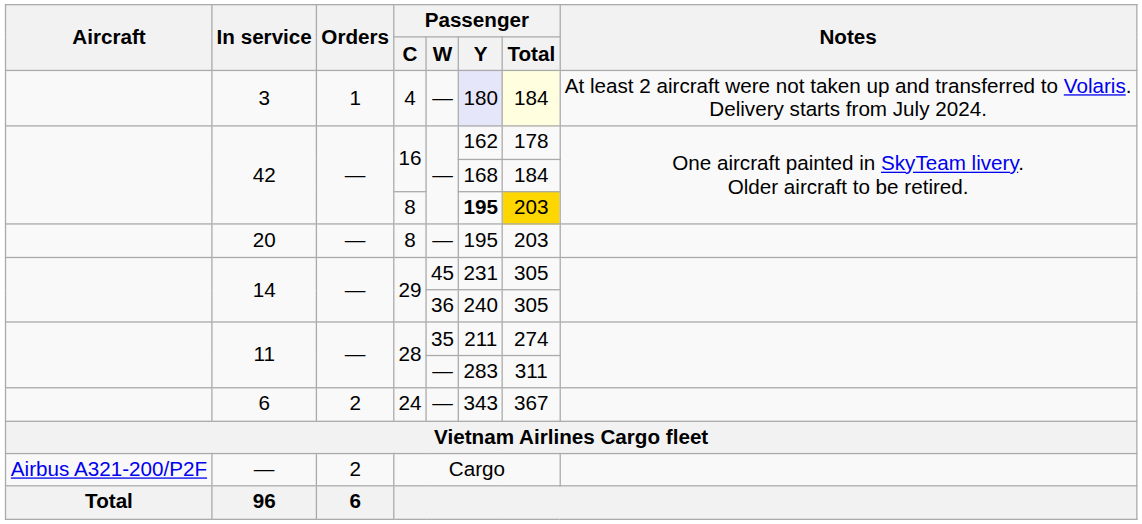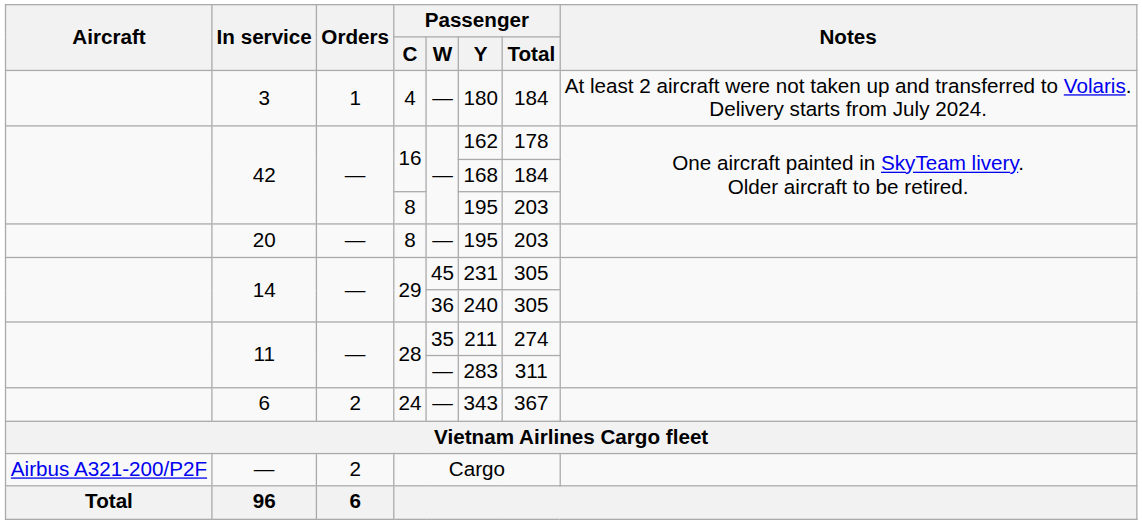 <table class="wikitable" style="border-collapse:collapse;text-align:center;margin:auto;">
 <tr>
 <th rowspan="2">Aircraft</th>
 <th rowspan="2">In service</th>
 <th rowspan="2">Orders</th>
 <th colspan="4">Passenger</th>
 <th rowspan="2">Notes</th>
 </tr>
 <tr>
 <th><abbr>C</abbr></th>
 <th><abbr>W</abbr></th>
 <th><abbr>Y</abbr></th>
 <th>Total</th>
 </tr>
 <tr>
 <td></td>
 <td>3</td>
 <td>1</td>
 <td>4</td>
 <td>—</td>
-<td style="background: lavender;">180</td>
-<td style="background: lightyellow;">184</td>
+<td>180</td>
+<td>184</td>
 <td>At least 2 aircraft were not taken up and transferred to <a href='#'>Volaris</a>.<br>Delivery starts from July 2024.</td>
 </tr>
 <tr>
 <td rowspan="3"></td>
 <td rowspan="3">42</td>
 <td rowspan="3">—</td>
 <td rowspan="2">16</td>
 <td rowspan="3">—</td>
 <td>162</td>
 <td>178</td>
 <td rowspan="3">One aircraft painted in <a href='#'>SkyTeam livery</a>.<br>Older aircraft to be retired.</td>
 </tr>
 <tr>
 <td>168</td>
 <td>184</td>
 </tr>
 <tr>
 <td>8</td>
-<td><strong>195</strong></td>
-<td style="background: gold;">203</td>
+<td>195</td>
+<td>203</td>
 </tr>
 <tr>
 <td></td>
 <td>20</td>
 <td>—</td>
 <td>8</td>
 <td>—</td>
 <td>195</td>
 <td>203</td>
 <td></td>
 </tr>
 <tr>
 <td rowspan="2"></td>
 <td rowspan="2">14</td>
 <td rowspan="2">—</td>
 <td rowspan="2">29</td>
 <td>45</td>
 <td>231</td>
 <td>305</td>
 <td rowspan="2"></td>
 </tr>
 <tr>
 <td>36</td>
 <td>240</td>
 <td>305</td>
 </tr>
 <tr>
 <td rowspan="2"></td>
 <td rowspan="2">11</td>
 <td rowspan="2">—</td>
 <td rowspan="2">28</td>
 <td>35</td>
 <td>211</td>
 <td>274</td>
 <td rowspan="2"></td>
 </tr>
 <tr>
 <td>—</td>
 <td>283</td>
 <td>311</td>
 </tr>
 <tr>
 <td></td>
 <td>6</td>
 <td>2</td>
 <td>24</td>
 <td>—</td>
 <td>343</td>
 <td>367</td>
 <td></td>
 </tr>
 <tr>
 <th colspan="8">Vietnam Airlines Cargo fleet</th>
 </tr>
 <tr>
 <td><a href='#'>Airbus A321-200/P2F</a></td>
 <td>—</td>
 <td>2</td>
 <td colspan="4"><abbr>Cargo</abbr></td>
 <td></td>
 </tr>
 <tr>
 <th>Total</th>
 <th>96</th>
 <th>6</th>
 <th colspan="5" class="unsortable"></th>
 </tr>
 </table>
